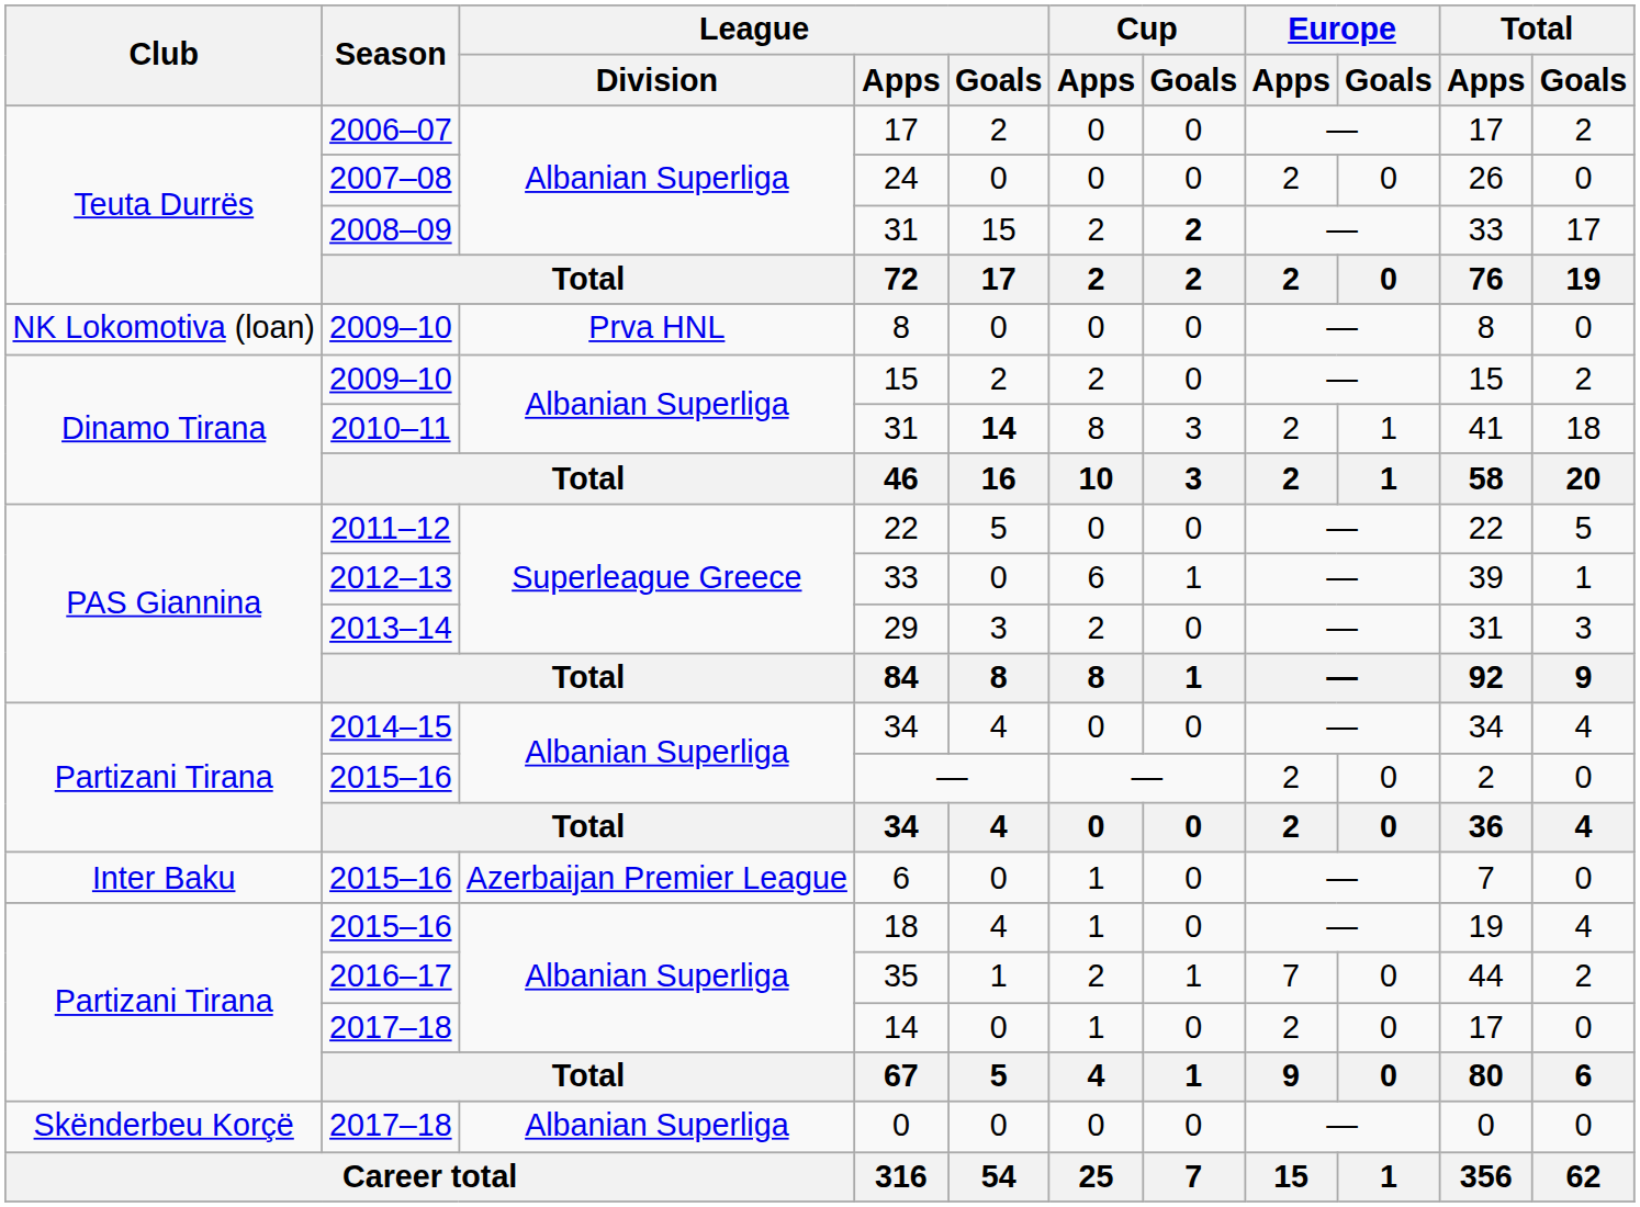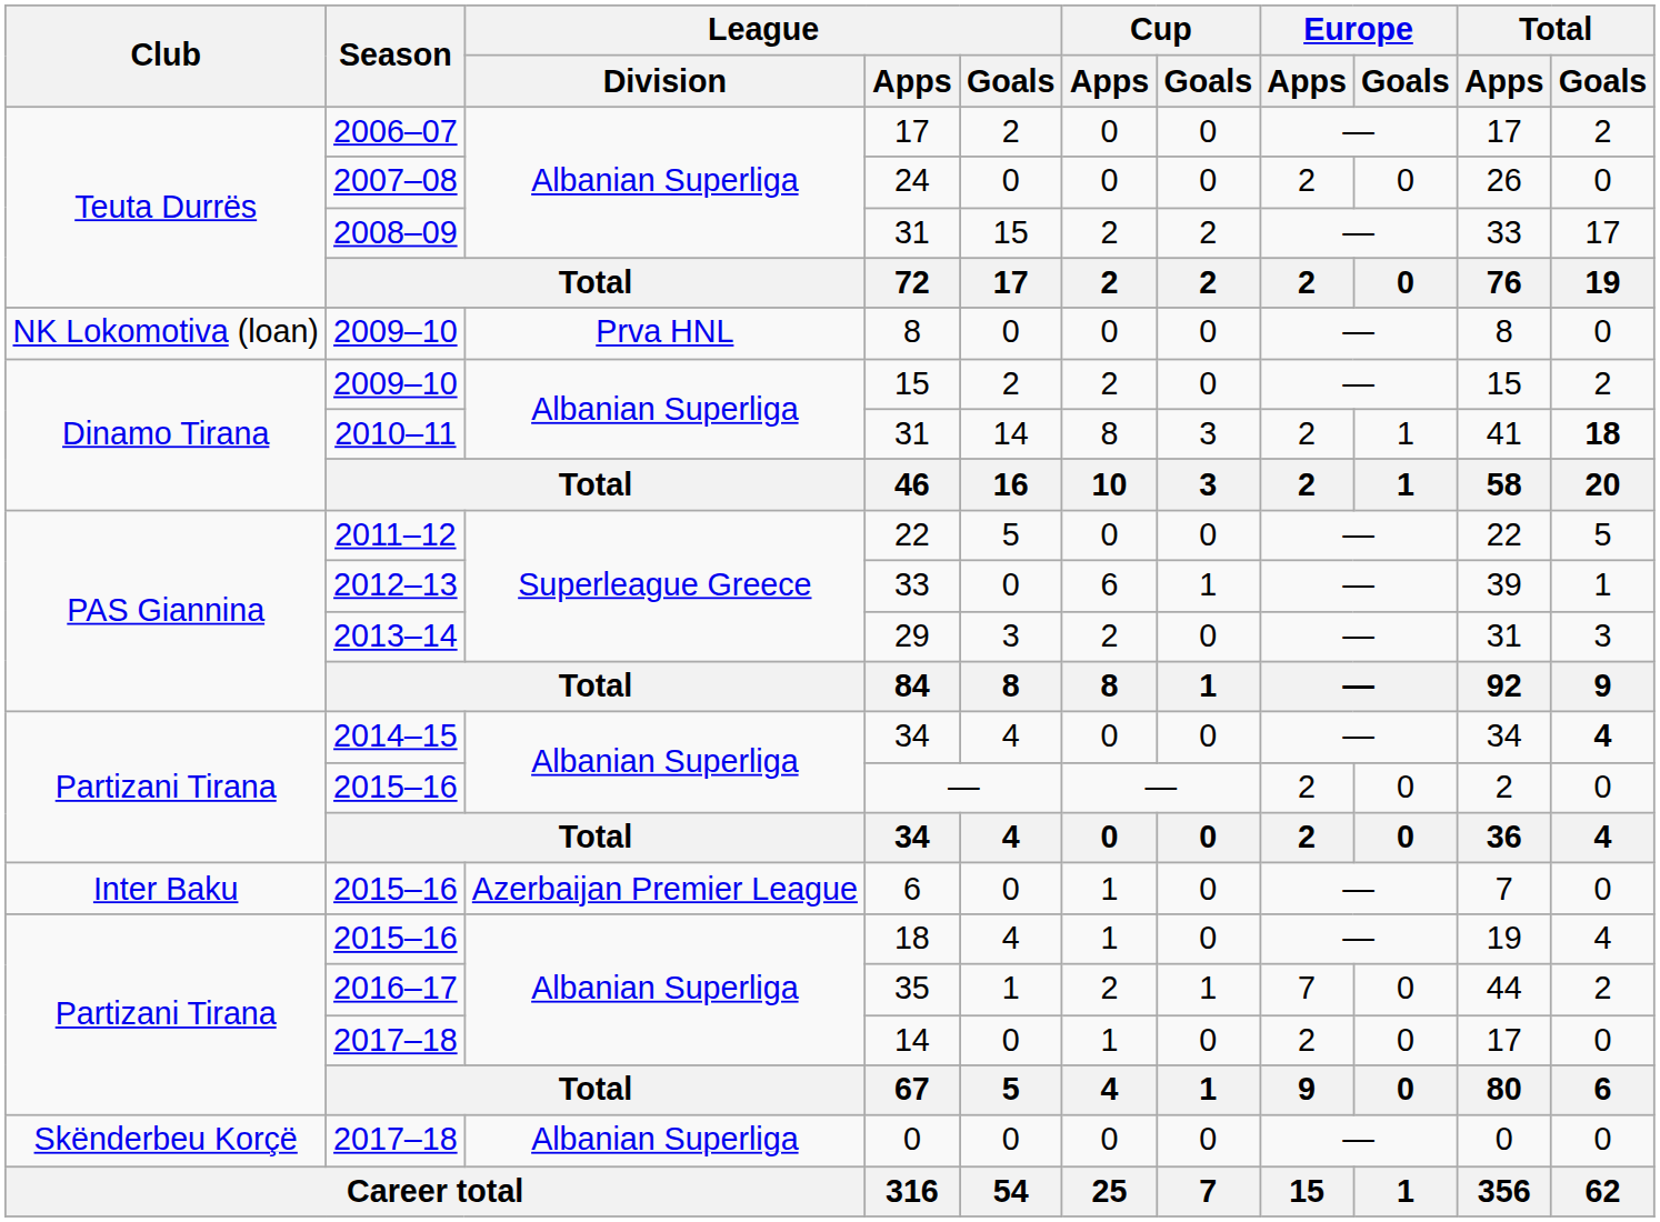 <table class="wikitable" style="text-align:center">
 <tr>
 <th rowspan="2">Club</th>
 <th rowspan="2">Season</th>
 <th colspan="3">League</th>
 <th colspan="2">Cup</th>
 <th colspan="2"><a href='#'>Europe</a></th>
 <th colspan="2">Total</th>
 </tr>
 <tr>
 <th>Division</th>
 <th>Apps</th>
 <th>Goals</th>
 <th>Apps</th>
 <th>Goals</th>
 <th>Apps</th>
 <th>Goals</th>
 <th>Apps</th>
 <th>Goals</th>
 </tr>
 <tr>
 <td rowspan="4"><a href='#'>Teuta Durrës</a></td>
 <td><a href='#'>2006–07</a></td>
 <td rowspan="3"><a href='#'>Albanian Superliga</a></td>
 <td>17</td>
 <td>2</td>
 <td>0</td>
 <td>0</td>
 <td colspan="2">—</td>
 <td>17</td>
 <td>2</td>
 </tr>
 <tr>
 <td><a href='#'>2007–08</a></td>
 <td>24</td>
 <td>0</td>
 <td>0</td>
 <td>0</td>
 <td>2</td>
 <td>0</td>
 <td>26</td>
 <td>0</td>
 </tr>
 <tr>
 <td><a href='#'>2008–09</a></td>
 <td>31</td>
 <td>15</td>
 <td>2</td>
-<td><strong>2</strong></td>
+<td>2</td>
 <td colspan="2">—</td>
 <td>33</td>
 <td>17</td>
 </tr>
 <tr>
 <th colspan="2">Total</th>
 <th>72</th>
 <th>17</th>
 <th>2</th>
 <th>2</th>
 <th>2</th>
 <th>0</th>
 <th>76</th>
 <th>19</th>
 </tr>
 <tr>
 <td rowspan="1"><a href='#'>NK Lokomotiva</a> (loan)</td>
 <td><a href='#'>2009–10</a></td>
 <td rowspan="1"><a href='#'>Prva HNL</a></td>
 <td>8</td>
 <td>0</td>
 <td>0</td>
 <td>0</td>
 <td colspan="2">—</td>
 <td>8</td>
 <td>0</td>
 </tr>
 <tr>
 <td rowspan="3"><a href='#'>Dinamo Tirana</a></td>
 <td><a href='#'>2009–10</a></td>
 <td rowspan="2"><a href='#'>Albanian Superliga</a></td>
 <td>15</td>
 <td>2</td>
 <td>2</td>
 <td>0</td>
 <td colspan="2">—</td>
 <td>15</td>
 <td>2</td>
 </tr>
 <tr>
 <td><a href='#'>2010–11</a></td>
 <td>31</td>
-<td><strong>14</strong></td>
+<td>14</td>
 <td>8</td>
 <td>3</td>
 <td>2</td>
 <td>1</td>
 <td>41</td>
-<td>18</td>
+<td><strong>18</strong></td>
 </tr>
 <tr>
 <th colspan="2">Total</th>
 <th>46</th>
 <th>16</th>
 <th>10</th>
 <th>3</th>
 <th>2</th>
 <th>1</th>
 <th>58</th>
 <th>20</th>
 </tr>
 <tr>
 <td rowspan="4"><a href='#'>PAS Giannina</a></td>
 <td><a href='#'>2011–12</a></td>
 <td rowspan="3"><a href='#'>Superleague Greece</a></td>
 <td>22</td>
 <td>5</td>
 <td>0</td>
 <td>0</td>
 <td colspan="2">—</td>
 <td>22</td>
 <td>5</td>
 </tr>
 <tr>
 <td><a href='#'>2012–13</a></td>
 <td>33</td>
 <td>0</td>
 <td>6</td>
 <td>1</td>
 <td colspan="2">—</td>
 <td>39</td>
 <td>1</td>
 </tr>
 <tr>
 <td><a href='#'>2013–14</a></td>
 <td>29</td>
 <td>3</td>
 <td>2</td>
 <td>0</td>
 <td colspan="2">—</td>
 <td>31</td>
 <td>3</td>
 </tr>
 <tr>
 <th colspan="2">Total</th>
 <th>84</th>
 <th>8</th>
 <th>8</th>
 <th>1</th>
 <th colspan="2">—</th>
 <th>92</th>
 <th>9</th>
 </tr>
 <tr>
 <td rowspan="3"><a href='#'>Partizani Tirana</a></td>
 <td><a href='#'>2014–15</a></td>
 <td rowspan="2"><a href='#'>Albanian Superliga</a></td>
 <td>34</td>
 <td>4</td>
 <td>0</td>
 <td>0</td>
 <td colspan="2">—</td>
 <td>34</td>
-<td>4</td>
+<td><strong>4</strong></td>
 </tr>
 <tr>
 <td><a href='#'>2015–16</a></td>
 <td colspan="2">—</td>
 <td colspan="2">—</td>
 <td>2</td>
 <td>0</td>
 <td>2</td>
 <td>0</td>
 </tr>
 <tr>
 <th colspan="2">Total</th>
 <th>34</th>
 <th>4</th>
 <th>0</th>
 <th>0</th>
 <th>2</th>
 <th>0</th>
 <th>36</th>
 <th>4</th>
 </tr>
 <tr>
 <td rowspan="1"><a href='#'>Inter Baku</a></td>
 <td><a href='#'>2015–16</a></td>
 <td rowspan="1"><a href='#'>Azerbaijan Premier League</a></td>
 <td>6</td>
 <td>0</td>
 <td>1</td>
 <td>0</td>
 <td colspan="2">—</td>
 <td>7</td>
 <td>0</td>
 </tr>
 <tr>
 <td rowspan="4"><a href='#'>Partizani Tirana</a></td>
 <td><a href='#'>2015–16</a></td>
 <td rowspan="3"><a href='#'>Albanian Superliga</a></td>
 <td>18</td>
 <td>4</td>
 <td>1</td>
 <td>0</td>
 <td colspan="2">—</td>
 <td>19</td>
 <td>4</td>
 </tr>
 <tr>
 <td><a href='#'>2016–17</a></td>
 <td>35</td>
 <td>1</td>
 <td>2</td>
 <td>1</td>
 <td>7</td>
 <td>0</td>
 <td>44</td>
 <td>2</td>
 </tr>
 <tr>
 <td><a href='#'>2017–18</a></td>
 <td>14</td>
 <td>0</td>
 <td>1</td>
 <td>0</td>
 <td>2</td>
 <td>0</td>
 <td>17</td>
 <td>0</td>
 </tr>
 <tr>
 <th colspan="2">Total</th>
 <th>67</th>
 <th>5</th>
 <th>4</th>
 <th>1</th>
 <th>9</th>
 <th>0</th>
 <th>80</th>
 <th>6</th>
 </tr>
 <tr>
 <td rowspan="1"><a href='#'>Skënderbeu Korçë</a></td>
 <td><a href='#'>2017–18</a></td>
 <td rowspan="1"><a href='#'>Albanian Superliga</a></td>
 <td>0</td>
 <td>0</td>
 <td>0</td>
 <td>0</td>
 <td colspan="2">—</td>
 <td>0</td>
 <td>0</td>
 </tr>
 <tr>
 <th colspan="3">Career total</th>
 <th>316</th>
 <th>54</th>
 <th>25</th>
 <th>7</th>
 <th>15</th>
 <th>1</th>
 <th>356</th>
 <th>62</th>
 </tr>
 </table>
